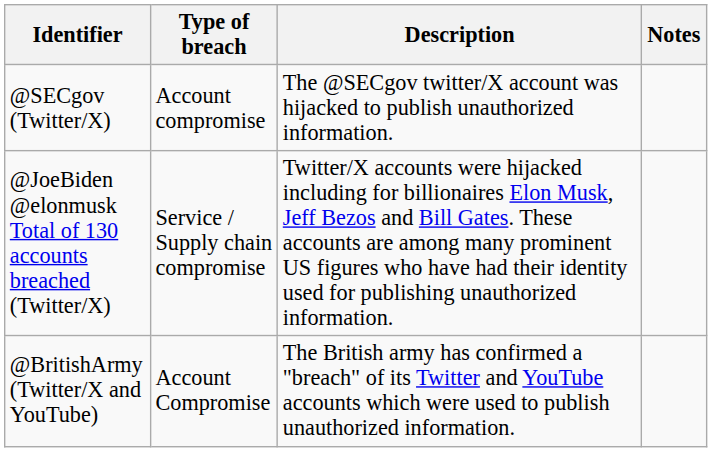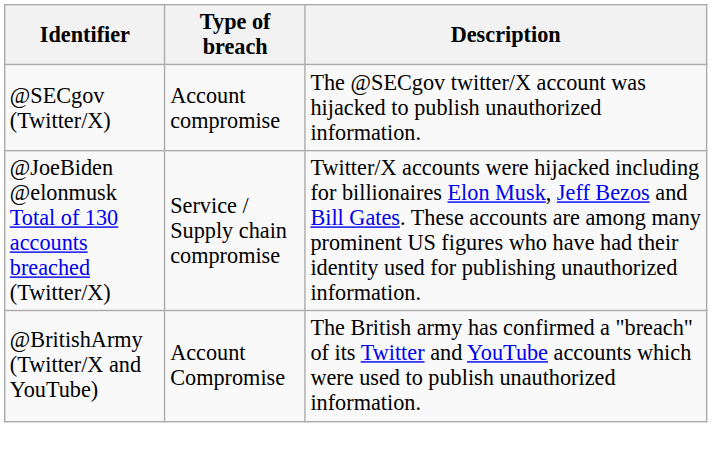 <table class="wikitable" border="1" width="40%">
 <tr>
 <th width="30">Identifier</th>
 <th width="80">Type of breach</th>
 <th width="250">Description</th>
-<th width="10">Notes</th>
 </tr>
 <tr>
 <td>@SECgov<br>(Twitter/X)</td>
 <td>Account compromise</td>
 <td>The @SECgov twitter/X account was hijacked to publish unauthorized information.</td>
-<td></td>
 </tr>
 <tr>
 <td>@JoeBiden<br>@elonmusk <br><a href='#'>Total of 130 accounts breached</a> (Twitter/X)</td>
 <td>Service / Supply chain compromise</td>
 <td>Twitter/X accounts were hijacked including for billionaires <a href='#'>Elon Musk</a>, <a href='#'>Jeff Bezos</a> and <a href='#'>Bill Gates</a>. These accounts are among many prominent US figures who have had their identity used for publishing unauthorized information.</td>
-<td></td>
 </tr>
 <tr>
 <td>@BritishArmy<br>(Twitter/X and YouTube)</td>
 <td>Account Compromise</td>
 <td>The British army has confirmed a "breach" of its <a href='#'>Twitter</a> and <a href='#'>YouTube</a> accounts which were used to publish unauthorized information.</td>
-<td></td>
 </tr>
 </table>
